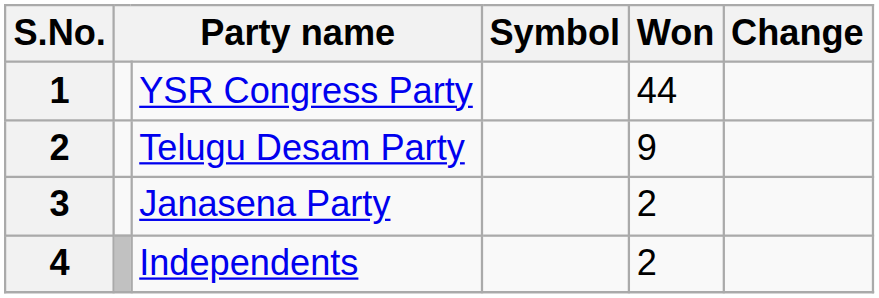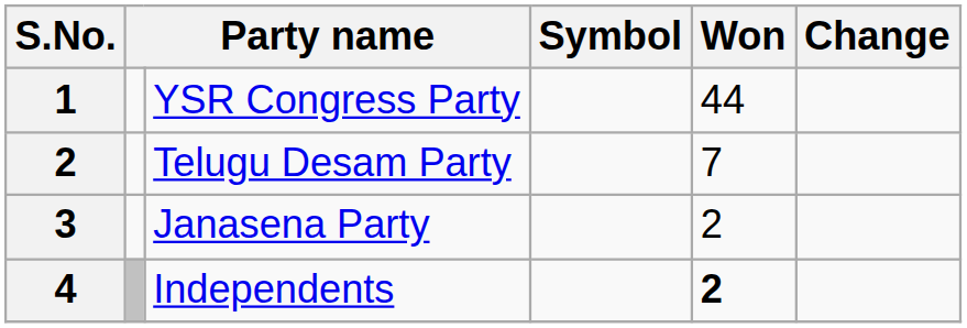 <table CLASS="sortable wikitable">
 <tr>
 <th>S.No.</th>
 <th colspan=2>Party name</th>
 <th>Symbol</th>
 <th>Won</th>
 <th>Change</th>
 </tr>
 <tr>
 <th>1</th>
 <td></td>
 <td><a href='#'>YSR Congress Party</a></td>
 <td></td>
 <td>44</td>
 <td></td>
 </tr>
 <tr>
 <th>2</th>
 <td></td>
 <td><a href='#'>Telugu Desam Party</a></td>
 <td></td>
-<td>9</td>
+<td>7</td>
 <td></td>
 </tr>
 <tr>
 <th>3</th>
 <td></td>
 <td><a href='#'>Janasena Party</a></td>
 <td></td>
 <td>2</td>
 <td></td>
 </tr>
 <tr>
 <th>4</th>
 <td bgcolor=#C1C1C1></td>
 <td><a href='#'>Independents</a></td>
 <td></td>
-<td>2</td>
+<td><strong>2</strong></td>
 <td></td>
 </tr>
 <tr>
 </tr>
 </table>
